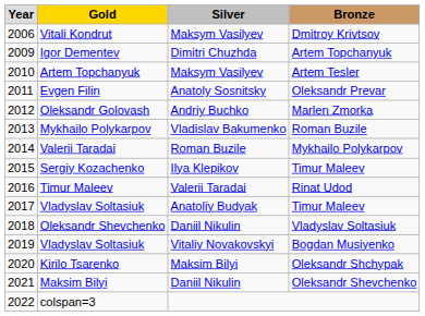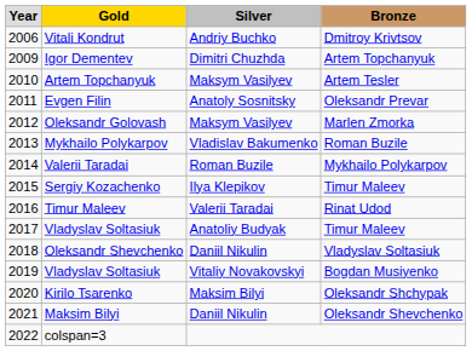 <table class="wikitable sortable alternance" style="font-size:95%">
 <tr>
 <td style="background:#DDDDDD; font-weight:bold; text-align:center;">Year</td>
 <td style="background:gold; font-weight:bold; text-align:center;">Gold</td>
 <td style="background:silver; font-weight:bold; text-align:center;">Silver</td>
 <td style="background:#cc9966; font-weight:bold; text-align:center;">Bronze</td>
 </tr>
 <tr>
 <td>2006</td>
 <td><a href='#'>Vitali Kondrut</a></td>
-<td><a href='#'>Maksym Vasilyev</a></td>
+<td><a href='#'>Andriy Buchko</a></td>
 <td><a href='#'>Dmitroy Krivtsov</a></td>
 </tr>
 <tr>
 <td>2009</td>
 <td><a href='#'>Igor Dementev</a></td>
 <td><a href='#'>Dimitri Chuzhda</a></td>
 <td><a href='#'>Artem Topchanyuk</a></td>
 </tr>
 <tr>
 <td>2010</td>
 <td><a href='#'>Artem Topchanyuk</a></td>
 <td><a href='#'>Maksym Vasilyev</a></td>
 <td><a href='#'>Artem Tesler</a></td>
 </tr>
 <tr>
 <td>2011</td>
 <td><a href='#'>Evgen Filin</a></td>
 <td><a href='#'>Anatoly Sosnitsky</a></td>
 <td><a href='#'>Oleksandr Prevar</a></td>
 </tr>
 <tr>
 <td>2012</td>
 <td><a href='#'>Oleksandr Golovash</a></td>
-<td><a href='#'>Andriy Buchko</a></td>
+<td><a href='#'>Maksym Vasilyev</a></td>
 <td><a href='#'>Marlen Zmorka</a></td>
 </tr>
 <tr>
 <td>2013</td>
 <td><a href='#'>Mykhailo Polykarpov</a></td>
 <td><a href='#'>Vladislav Bakumenko</a></td>
 <td><a href='#'>Roman Buzile</a></td>
 </tr>
 <tr>
 <td>2014</td>
 <td><a href='#'>Valerii Taradai</a></td>
 <td><a href='#'>Roman Buzile</a></td>
 <td><a href='#'>Mykhailo Polykarpov</a></td>
 </tr>
 <tr>
 <td>2015</td>
 <td><a href='#'>Sergiy Kozachenko</a></td>
 <td><a href='#'>Ilya Klepikov</a></td>
 <td><a href='#'>Timur Maleev</a></td>
 </tr>
 <tr>
 <td>2016</td>
 <td><a href='#'>Timur Maleev</a></td>
 <td><a href='#'>Valerii Taradai</a></td>
 <td><a href='#'>Rinat Udod</a></td>
 </tr>
 <tr>
 <td>2017</td>
 <td><a href='#'>Vladyslav Soltasiuk</a></td>
 <td><a href='#'>Anatoliy Budyak</a></td>
 <td><a href='#'>Timur Maleev</a></td>
 </tr>
 <tr>
 <td>2018</td>
 <td><a href='#'>Oleksandr Shevchenko</a></td>
 <td><a href='#'>Daniil Nikulin</a></td>
 <td><a href='#'>Vladyslav Soltasiuk</a></td>
 </tr>
 <tr>
 <td>2019</td>
 <td><a href='#'>Vladyslav Soltasiuk</a></td>
 <td><a href='#'>Vitaliy Novakovskyi</a></td>
 <td><a href='#'>Bogdan Musiyenko</a></td>
 </tr>
 <tr>
 <td>2020</td>
 <td><a href='#'>Kirilo Tsarenko</a></td>
 <td><a href='#'>Maksim Bilyi</a></td>
 <td><a href='#'>Oleksandr Shchypak</a></td>
 </tr>
 <tr>
 <td>2021</td>
 <td><a href='#'>Maksim Bilyi</a></td>
 <td><a href='#'>Daniil Nikulin</a></td>
 <td><a href='#'>Oleksandr Shevchenko</a></td>
 </tr>
 <tr>
 <td>2022</td>
 <td>colspan=3 </td>
 </tr>
 </table>
